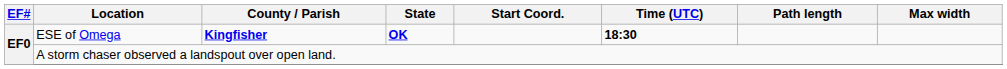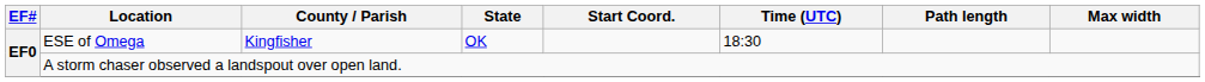 <table class="wikitable sortable" style="width:100%;">
 <tr>
 <th scope="col" width="2%" align="center"><a href='#'>EF#</a></th>
 <th scope="col" align="center" class="unsortable">Location</th>
 <th scope="col" align="center" class="unsortable">County / Parish</th>
 <th scope="col" align="center">State</th>
 <th scope="col" align="center">Start Coord.</th>
 <th scope="col" align="center">Time (<a href='#'>UTC</a>)</th>
 <th scope="col" align="center">Path length</th>
 <th scope="col" align="center">Max width</th>
 </tr>
 <tr>
 <th scope="row" rowspan="2" style="background-color:#">EF0</th>
 <td>ESE of <a href='#'>Omega</a></td>
-<td><strong><a href='#'>Kingfisher</a></strong></td>
-<td><strong><a href='#'>OK</a></strong></td>
+<td><a href='#'>Kingfisher</a></td>
+<td><a href='#'>OK</a></td>
 <td></td>
-<td><strong>18:30</strong></td>
+<td>18:30</td>
 <td></td>
 <td></td>
 </tr>
 <tr class="expand-child">
 <td colspan="8" style=" border-bottom: 1px solid black;">A storm chaser observed a landspout over open land.</td>
 </tr>
 <tr>
 </tr>
 </table>
